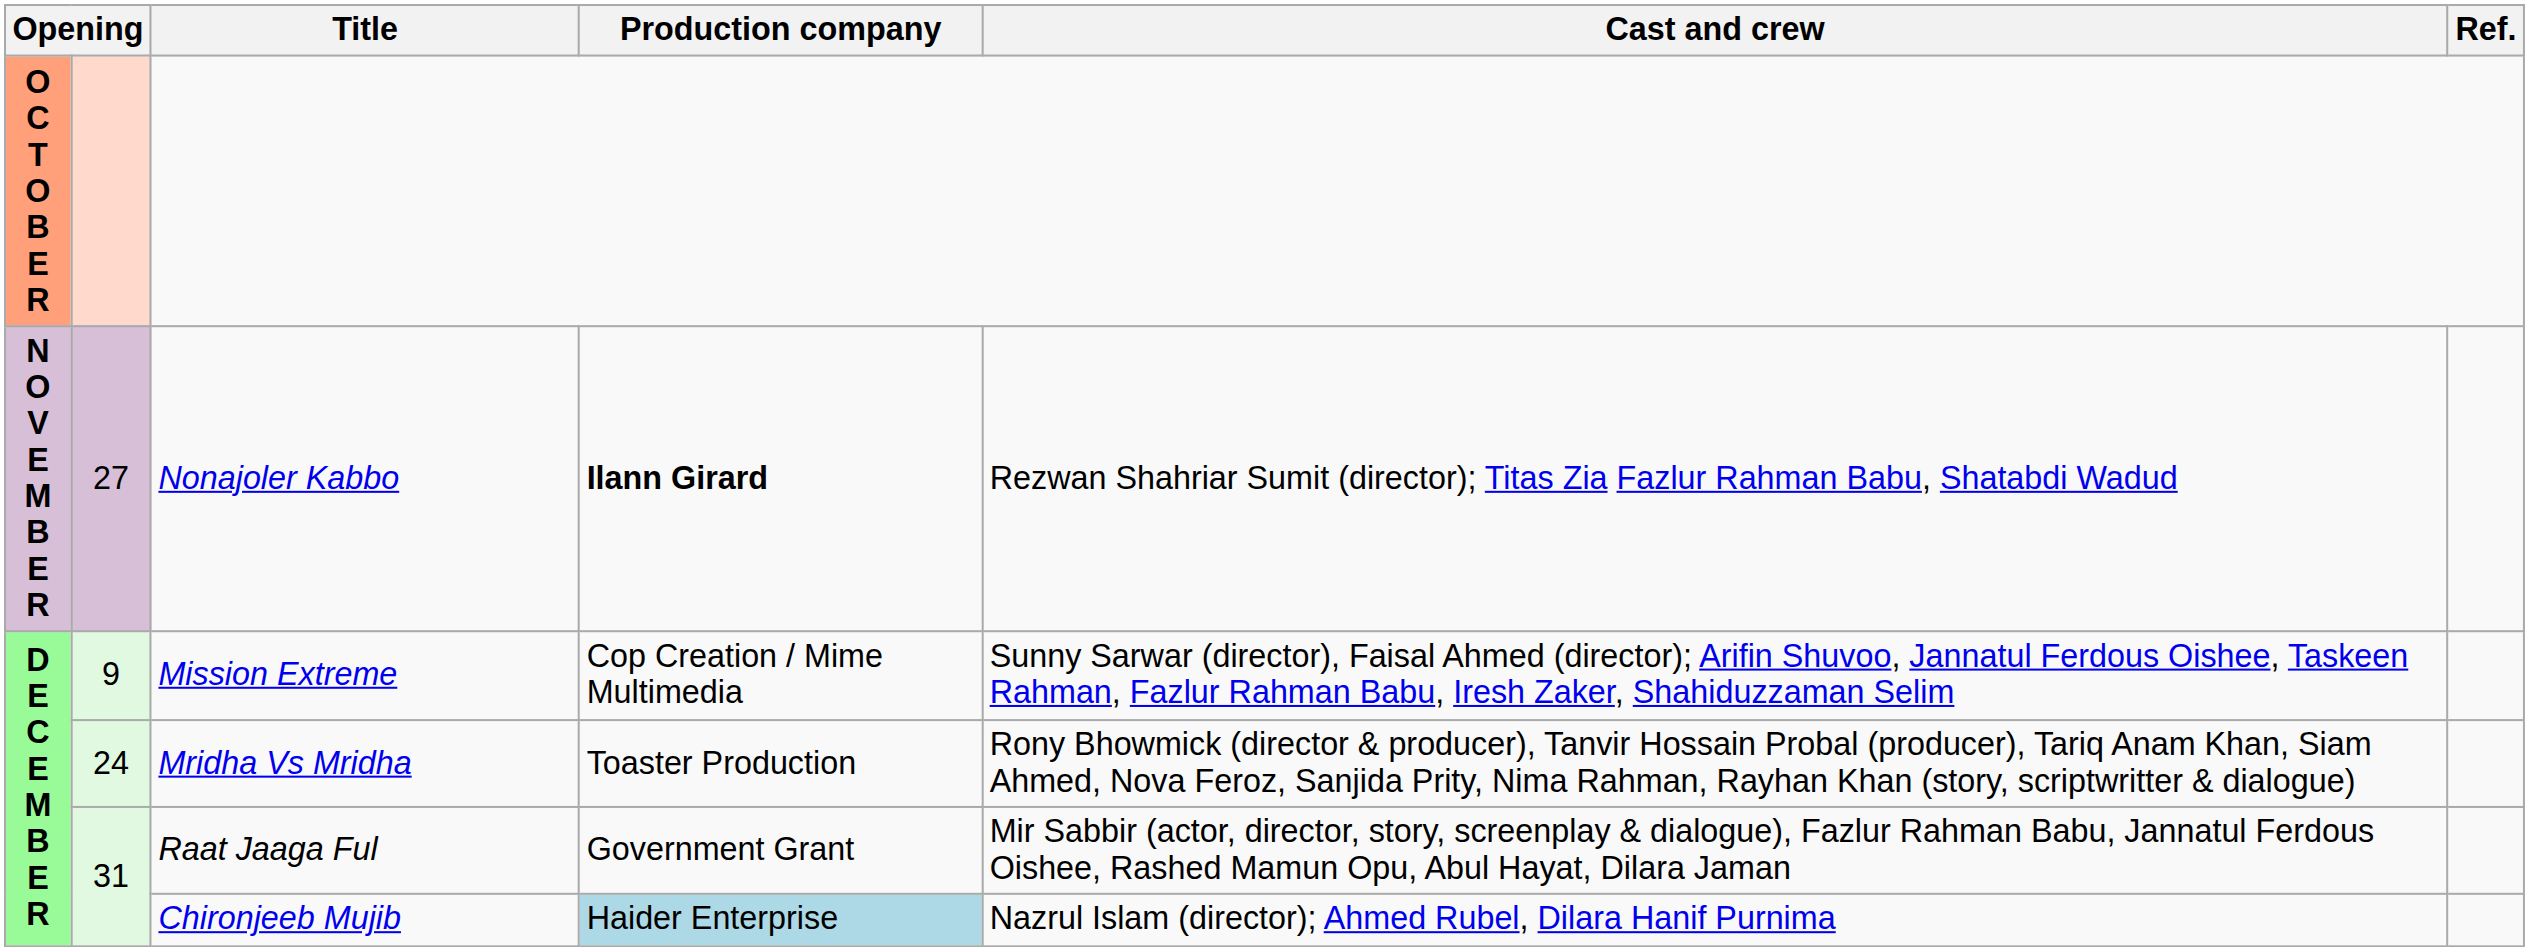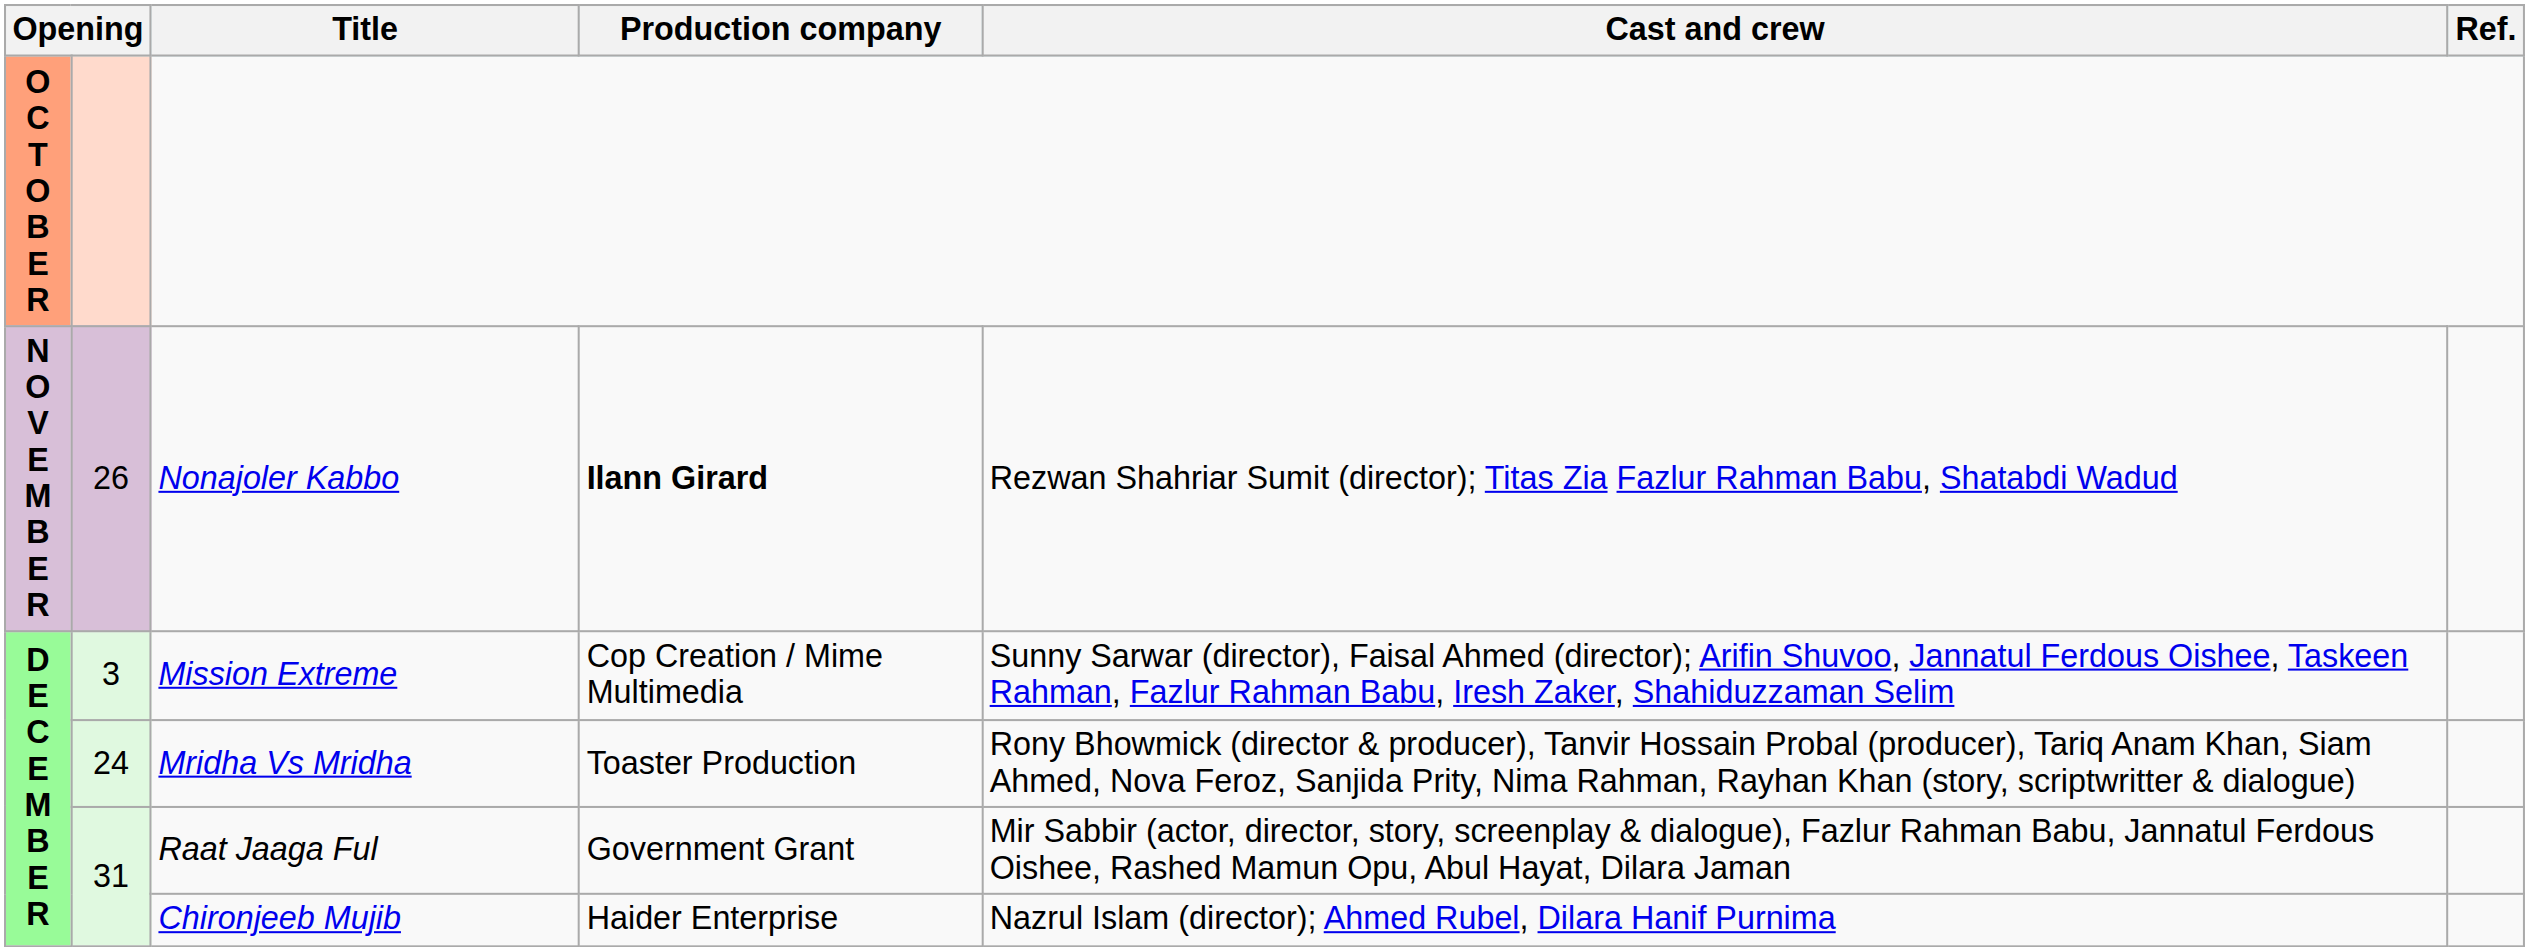 <table class="wikitable sortable">
 <tr style="background:#b0e0e6; text-align:center">
 <th colspan="2">Opening</th>
 <th style="width:17%">Title</th>
 <th style="width:16%">Production company</th>
 <th>Cast and crew</th>
 <th>Ref.</th>
 </tr>
 <tr>
 <th rowspan="1" style="text-align:center; background:#ffa07a; textcolor:#000;">O<br>C<br>T<br>O<br>B<br>E<br>R</th>
 <td rowspan="1" style="text-align:center; background:#ffdacc;"></td>
 </tr>
 <tr>
 <th rowspan="1" style="text-align:center; background:thistle; textcolor:#000;">N<br>O<br>V<br>E<br>M<br>B<br>E<br>R</th>
-<td rowspan="1" style="text-align:center; background:thistle; textcolor:#000;">27</td>
+<td rowspan="1" style="text-align:center; background:thistle; textcolor:#000;">26</td>
 <td><em><a href='#'>Nonajoler Kabbo</a></em></td>
 <td><strong>Ilann Girard</strong></td>
 <td>Rezwan Shahriar Sumit (director); <a href='#'>Titas Zia</a> <a href='#'>Fazlur Rahman Babu</a>, <a href='#'>Shatabdi Wadud</a></td>
 <td></td>
 </tr>
 <tr>
 <th rowspan="5" style="text-align:center; background:#98fb98; textcolor:#000;">D<br>E<br>C<br>E<br>M<br>B<br>E<br>R</th>
-<td rowspan="1" style="text-align:center; background:#e0f9e0;">9</td>
+<td rowspan="1" style="text-align:center; background:#e0f9e0;">3</td>
 <td><em><a href='#'>Mission Extreme</a></em></td>
 <td>Cop Creation / Mime Multimedia</td>
 <td>Sunny Sarwar (director), Faisal Ahmed (director); <a href='#'>Arifin Shuvoo</a>, <a href='#'>Jannatul Ferdous Oishee</a>, <a href='#'>Taskeen Rahman</a>, <a href='#'>Fazlur Rahman Babu</a>, <a href='#'>Iresh Zaker</a>, <a href='#'>Shahiduzzaman Selim</a></td>
 <td></td>
 </tr>
 <tr>
 <td rowspan="1" style="text-align:center; background:#e0f9e0;">24</td>
 <td><em><a href='#'>Mridha Vs Mridha</a></em></td>
 <td>Toaster Production</td>
 <td>Rony Bhowmick (director & producer), Tanvir Hossain Probal (producer), Tariq Anam Khan, Siam Ahmed, Nova Feroz, Sanjida Prity, Nima Rahman, Rayhan Khan (story, scriptwritter & dialogue)</td>
 <td></td>
 </tr>
 <tr>
 <td rowspan="2" style="text-align:center; background:#e0f9e0;">31</td>
 <td><em>Raat Jaaga Ful</em></td>
 <td>Government Grant</td>
 <td>Mir Sabbir (actor, director, story, screenplay & dialogue), Fazlur Rahman Babu, Jannatul Ferdous Oishee, Rashed Mamun Opu, Abul Hayat, Dilara Jaman</td>
 <td></td>
 </tr>
 <tr>
 <td><em><a href='#'>Chironjeeb Mujib</a></em></td>
-<td style="background: lightblue;">Haider Enterprise</td>
+<td>Haider Enterprise</td>
 <td>Nazrul Islam (director); <a href='#'>Ahmed Rubel</a>, <a href='#'>Dilara Hanif Purnima</a></td>
 <td></td>
 </tr>
 </table>
